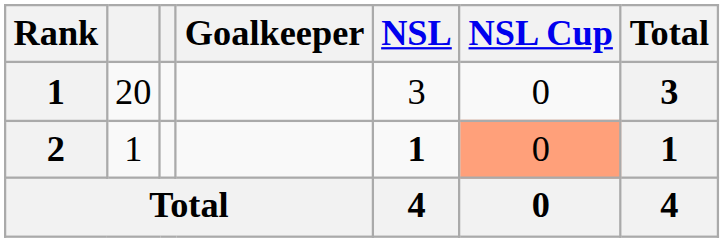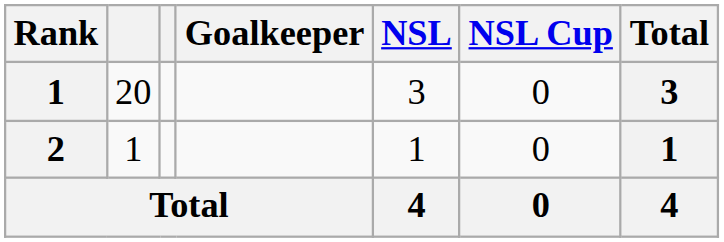 <table class="wikitable sortable" style="text-align:center">
 <tr>
 <th>Rank</th>
 <th></th>
 <th></th>
 <th>Goalkeeper</th>
 <th><a href='#'>NSL</a></th>
 <th><a href='#'>NSL Cup</a></th>
 <th>Total</th>
 </tr>
 <tr>
 <th>1</th>
 <td>20</td>
 <td></td>
 <td align="left"></td>
 <td>3</td>
 <td>0</td>
 <th>3</th>
 </tr>
 <tr>
 <th>2</th>
 <td>1</td>
 <td></td>
 <td align="left"></td>
-<td><strong>1</strong></td>
-<td style="background: lightsalmon;">0</td>
+<td>1</td>
+<td>0</td>
 <th>1</th>
 </tr>
 <tr>
 <th colspan="4">Total</th>
 <th>4</th>
 <th>0</th>
 <th>4</th>
 </tr>
 </table>
